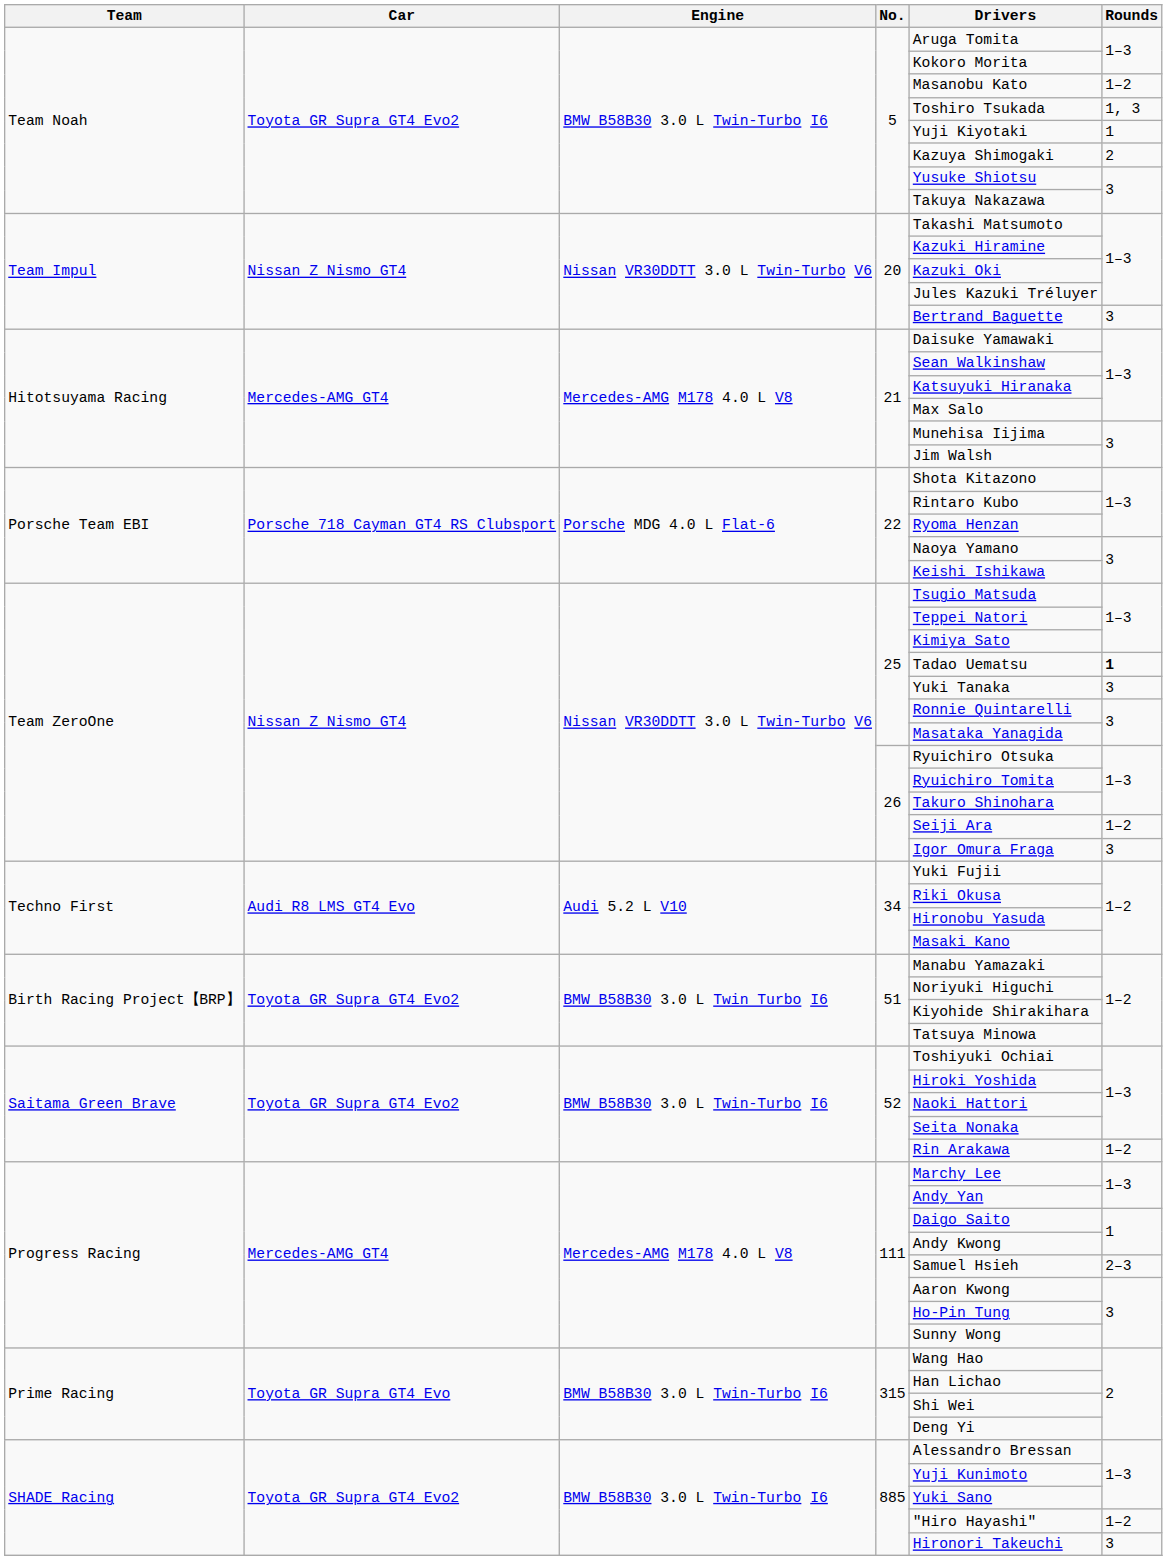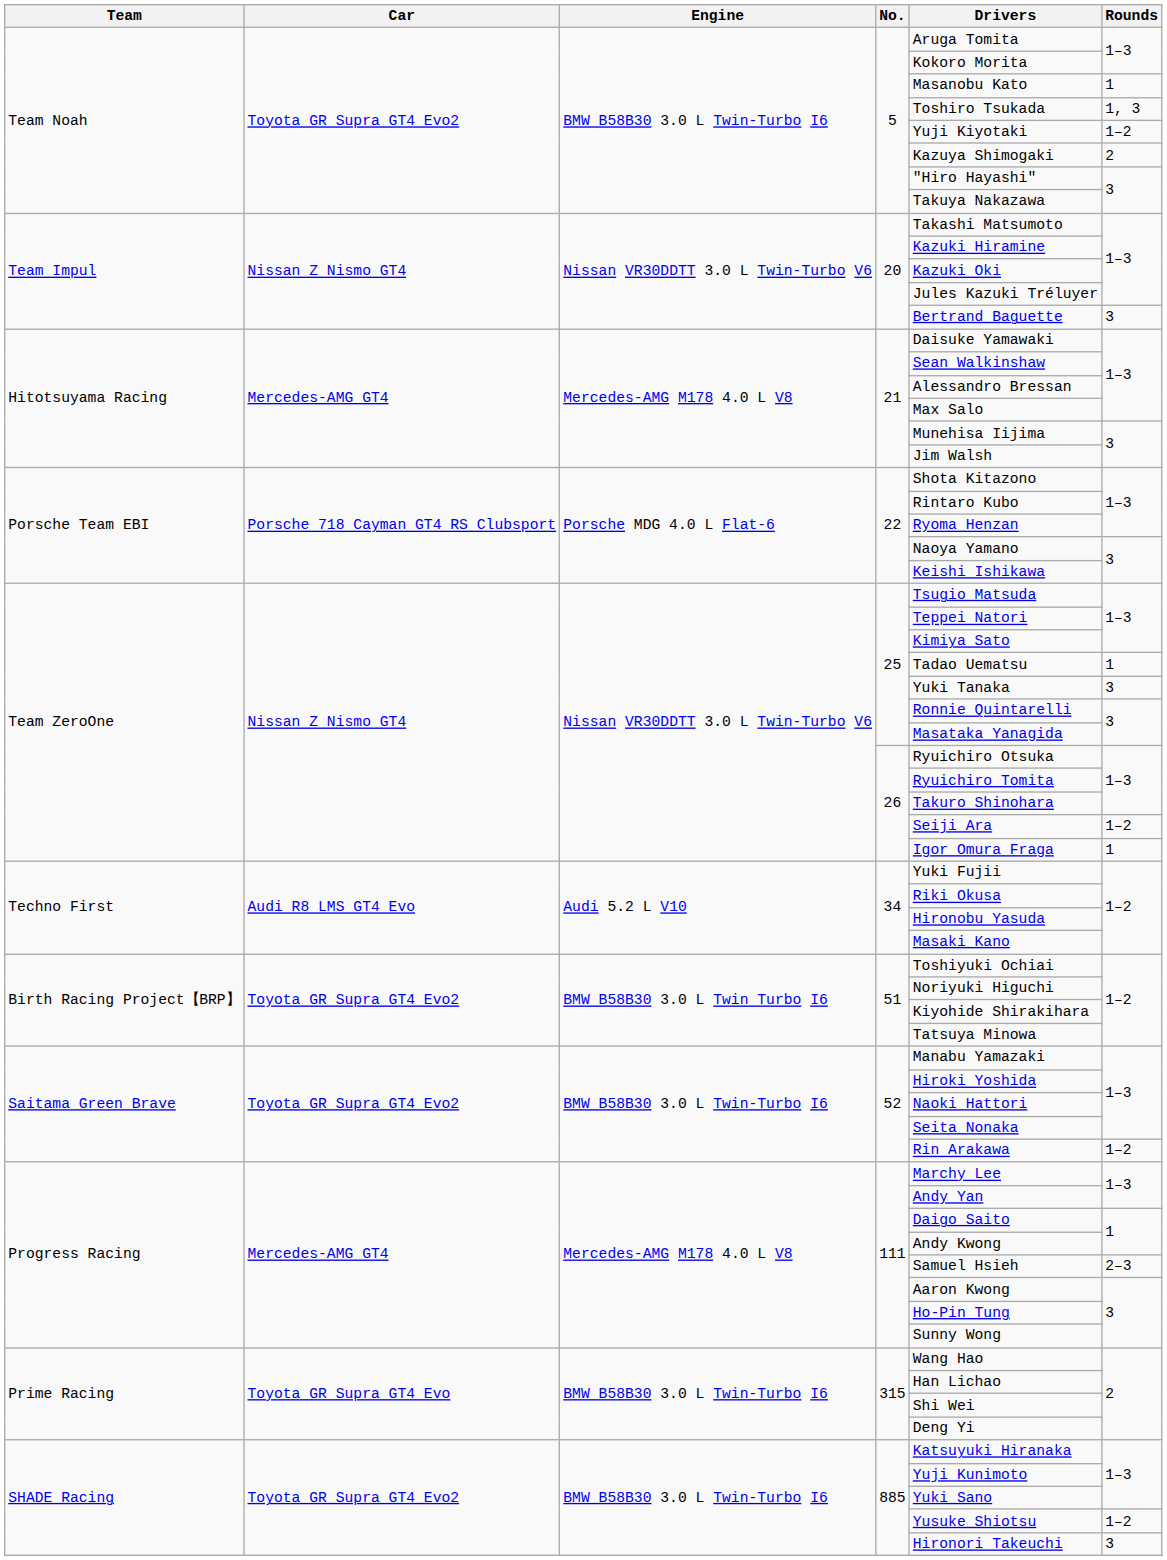 <table class="wikitable" style="font-size: 85%">
 <tr>
 <th>Team</th>
 <th>Car</th>
 <th>Engine</th>
 <th>No.</th>
 <th>Drivers</th>
 <th>Rounds</th>
 </tr>
 <tr>
 <td rowspan="8"> Team Noah</td>
 <td rowspan="8"><a href='#'>Toyota GR Supra GT4 Evo2</a></td>
 <td rowspan="8"><a href='#'>BMW B58B30</a> 3.0 L <a href='#'>Twin-Turbo</a> <a href='#'>I6</a></td>
 <td align="center" rowspan="8">5</td>
 <td> Aruga Tomita</td>
 <td rowspan="2">1–3</td>
 </tr>
 <tr>
 <td> Kokoro Morita</td>
 </tr>
 <tr>
 <td> Masanobu Kato</td>
-<td>1–2</td>
+<td>1</td>
 </tr>
 <tr>
 <td> Toshiro Tsukada</td>
 <td>1, 3</td>
 </tr>
 <tr>
 <td> Yuji Kiyotaki</td>
-<td>1</td>
+<td>1–2</td>
 </tr>
 <tr>
 <td> Kazuya Shimogaki</td>
 <td>2</td>
 </tr>
 <tr>
-<td> <a href='#'>Yusuke Shiotsu</a></td>
+<td> "Hiro Hayashi"</td>
 <td rowspan="2">3</td>
 </tr>
 <tr>
 <td> Takuya Nakazawa</td>
 </tr>
 <tr>
 <td rowspan="5"> <a href='#'>Team Impul</a></td>
 <td rowspan="5"><a href='#'>Nissan Z Nismo GT4</a></td>
 <td rowspan="5"><a href='#'>Nissan</a> <a href='#'>VR30DDTT</a> 3.0 L <a href='#'>Twin-Turbo</a> <a href='#'>V6</a></td>
 <td align="center" rowspan="5">20</td>
 <td> Takashi Matsumoto</td>
 <td rowspan="4">1–3</td>
 </tr>
 <tr>
 <td> <a href='#'>Kazuki Hiramine</a></td>
 </tr>
 <tr>
 <td> <a href='#'>Kazuki Oki</a></td>
 </tr>
 <tr>
 <td> Jules Kazuki Tréluyer</td>
 </tr>
 <tr>
 <td> <a href='#'>Bertrand Baguette</a></td>
 <td>3</td>
 </tr>
 <tr>
 <td rowspan="6"> Hitotsuyama Racing</td>
 <td rowspan="6"><a href='#'>Mercedes-AMG GT4</a></td>
 <td rowspan="6"><a href='#'>Mercedes-AMG</a> <a href='#'>M178</a> 4.0 L <a href='#'>V8</a></td>
 <td align="center" rowspan="6">21</td>
 <td> Daisuke Yamawaki</td>
 <td rowspan="4">1–3</td>
 </tr>
 <tr>
 <td> <a href='#'>Sean Walkinshaw</a></td>
 </tr>
 <tr>
-<td> <a href='#'>Katsuyuki Hiranaka</a></td>
+<td> Alessandro Bressan</td>
 </tr>
 <tr>
 <td> Max Salo</td>
 </tr>
 <tr>
 <td> Munehisa Iijima</td>
 <td rowspan="2">3</td>
 </tr>
 <tr>
 <td> Jim Walsh</td>
 </tr>
 <tr>
 <td rowspan="5"> Porsche Team EBI</td>
 <td rowspan="5"><a href='#'>Porsche 718 Cayman GT4 RS Clubsport</a></td>
 <td rowspan="5"><a href='#'>Porsche</a> MDG 4.0 L <a href='#'>Flat-6</a></td>
 <td align="center" rowspan="5">22</td>
 <td> Shota Kitazono</td>
 <td rowspan="3">1–3</td>
 </tr>
 <tr>
 <td> Rintaro Kubo</td>
 </tr>
 <tr>
 <td> <a href='#'>Ryoma Henzan</a></td>
 </tr>
 <tr>
 <td> Naoya Yamano</td>
 <td rowspan="2">3</td>
 </tr>
 <tr>
 <td> <a href='#'>Keishi Ishikawa</a></td>
 </tr>
 <tr>
 <td rowspan="12"> Team ZeroOne</td>
 <td rowspan="12"><a href='#'>Nissan Z Nismo GT4</a></td>
 <td rowspan="12"><a href='#'>Nissan</a> <a href='#'>VR30DDTT</a> 3.0 L <a href='#'>Twin-Turbo</a> <a href='#'>V6</a></td>
 <td align="center" rowspan="7">25</td>
 <td> <a href='#'>Tsugio Matsuda</a></td>
 <td rowspan="3">1–3</td>
 </tr>
 <tr>
 <td> <a href='#'>Teppei Natori</a></td>
 </tr>
 <tr>
 <td> <a href='#'>Kimiya Sato</a></td>
 </tr>
 <tr>
 <td> Tadao Uematsu</td>
-<td><strong>1</strong></td>
+<td>1</td>
 </tr>
 <tr>
 <td> Yuki Tanaka</td>
 <td>3</td>
 </tr>
 <tr>
 <td> <a href='#'>Ronnie Quintarelli</a></td>
 <td rowspan="2">3</td>
 </tr>
 <tr>
 <td> <a href='#'>Masataka Yanagida</a></td>
 </tr>
 <tr>
 <td align="center" rowspan="5">26</td>
 <td> Ryuichiro Otsuka</td>
 <td rowspan="3">1–3</td>
 </tr>
 <tr>
 <td> <a href='#'>Ryuichiro Tomita</a></td>
 </tr>
 <tr>
 <td> <a href='#'>Takuro Shinohara</a></td>
 </tr>
 <tr>
 <td> <a href='#'>Seiji Ara</a></td>
 <td>1–2</td>
 </tr>
 <tr>
 <td> <a href='#'>Igor Omura Fraga</a></td>
-<td>3</td>
+<td>1</td>
 </tr>
 <tr>
 <td rowspan="4"> Techno First</td>
 <td rowspan="4"><a href='#'>Audi R8 LMS GT4 Evo</a></td>
 <td rowspan="4"><a href='#'>Audi</a> 5.2 L <a href='#'>V10</a></td>
 <td align="center" rowspan="4">34</td>
 <td> Yuki Fujii</td>
 <td rowspan="4">1–2</td>
 </tr>
 <tr>
 <td> <a href='#'>Riki Okusa</a></td>
 </tr>
 <tr>
 <td> <a href='#'>Hironobu Yasuda</a></td>
 </tr>
 <tr>
 <td> <a href='#'>Masaki Kano</a></td>
 </tr>
 <tr>
 <td rowspan="4"> Birth Racing Project【BRP】</td>
 <td rowspan="4"><a href='#'>Toyota GR Supra GT4 Evo2</a></td>
 <td rowspan="4"><a href='#'>BMW B58B30</a> 3.0 L <a href='#'>Twin Turbo</a> <a href='#'>I6</a></td>
 <td rowspan="4" align="center">51</td>
-<td> Manabu Yamazaki</td>
+<td> Toshiyuki Ochiai</td>
 <td rowspan="4">1–2</td>
 </tr>
 <tr>
 <td> Noriyuki Higuchi</td>
 </tr>
 <tr>
 <td> Kiyohide Shirakihara</td>
 </tr>
 <tr>
 <td> Tatsuya Minowa</td>
 </tr>
 <tr>
 <td rowspan="5"> <a href='#'>Saitama Green Brave</a></td>
 <td rowspan="5"><a href='#'>Toyota GR Supra GT4 Evo2</a></td>
 <td rowspan="5"><a href='#'>BMW B58B30</a> 3.0 L <a href='#'>Twin-Turbo</a> <a href='#'>I6</a></td>
 <td align="center" rowspan="5">52</td>
-<td> Toshiyuki Ochiai</td>
+<td> Manabu Yamazaki</td>
 <td rowspan="4">1–3</td>
 </tr>
 <tr>
 <td> <a href='#'>Hiroki Yoshida</a></td>
 </tr>
 <tr>
 <td> <a href='#'>Naoki Hattori</a></td>
 </tr>
 <tr>
 <td> <a href='#'>Seita Nonaka</a></td>
 </tr>
 <tr>
 <td> <a href='#'>Rin Arakawa</a></td>
 <td>1–2</td>
 </tr>
 <tr>
 <td rowspan="8"> Progress Racing</td>
 <td rowspan="8"><a href='#'>Mercedes-AMG GT4</a></td>
 <td rowspan="8"><a href='#'>Mercedes-AMG</a> <a href='#'>M178</a> 4.0 L <a href='#'>V8</a></td>
 <td align="center" rowspan="8">111</td>
 <td> <a href='#'>Marchy Lee</a></td>
 <td rowspan="2">1–3</td>
 </tr>
 <tr>
 <td> <a href='#'>Andy Yan</a></td>
 </tr>
 <tr>
 <td> <a href='#'>Daigo Saito</a></td>
 <td rowspan="2">1</td>
 </tr>
 <tr>
 <td> Andy Kwong</td>
 </tr>
 <tr>
 <td> Samuel Hsieh</td>
 <td>2–3</td>
 </tr>
 <tr>
 <td> Aaron Kwong</td>
 <td rowspan="3">3</td>
 </tr>
 <tr>
 <td> <a href='#'>Ho-Pin Tung</a></td>
 </tr>
 <tr>
 <td> Sunny Wong</td>
 </tr>
 <tr>
 <td rowspan="4"> Prime Racing</td>
 <td rowspan="4"><a href='#'>Toyota GR Supra GT4 Evo</a></td>
 <td rowspan="4"><a href='#'>BMW B58B30</a> 3.0 L <a href='#'>Twin-Turbo</a> <a href='#'>I6</a></td>
 <td align="center" rowspan="4">315</td>
 <td> Wang Hao</td>
 <td rowspan="4">2</td>
 </tr>
 <tr>
 <td> Han Lichao</td>
 </tr>
 <tr>
 <td> Shi Wei</td>
 </tr>
 <tr>
 <td> Deng Yi</td>
 </tr>
 <tr>
 <td rowspan="5"> <a href='#'>SHADE Racing</a></td>
 <td rowspan="5"><a href='#'>Toyota GR Supra GT4 Evo2</a></td>
 <td rowspan="5"><a href='#'>BMW B58B30</a> 3.0 L <a href='#'>Twin-Turbo</a> <a href='#'>I6</a></td>
 <td align="center" rowspan="5">885</td>
-<td> Alessandro Bressan</td>
+<td> <a href='#'>Katsuyuki Hiranaka</a></td>
 <td rowspan="3">1–3</td>
 </tr>
 <tr>
 <td> <a href='#'>Yuji Kunimoto</a></td>
 </tr>
 <tr>
 <td> <a href='#'>Yuki Sano</a></td>
 </tr>
 <tr>
-<td> "Hiro Hayashi"</td>
+<td> <a href='#'>Yusuke Shiotsu</a></td>
 <td>1–2</td>
 </tr>
 <tr>
 <td> <a href='#'>Hironori Takeuchi</a></td>
 <td>3</td>
 </tr>
 <tr>
 </tr>
 </table>
